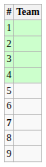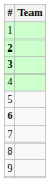 <table class="wikitable">
 <tr>
 <th>#</th>
 <th>Team</th>
 </tr>
 <tr bgcolor=CCFFCC>
 <td>1</td>
 <td></td>
 </tr>
 <tr bgcolor=CCFFCC>
-<td>2</td>
+<td><strong>2</strong></td>
 <td></td>
 </tr>
 <tr bgcolor=CCFFCC>
-<td>3</td>
+<td><strong>3</strong></td>
 <td></td>
 </tr>
 <tr bgcolor=CCFFCC>
 <td>4</td>
 <td></td>
 </tr>
 <tr>
 <td>5</td>
 <td></td>
 </tr>
 <tr>
-<td>6</td>
+<td><strong>6</strong></td>
 <td></td>
 </tr>
 <tr>
-<td><strong>7</strong></td>
+<td>7</td>
 <td></td>
 </tr>
 <tr>
 <td>8</td>
 <td></td>
 </tr>
 <tr>
 <td>9</td>
 <td><strong></strong></td>
 </tr>
 </table>
